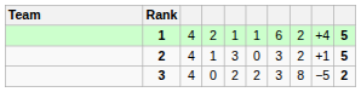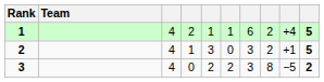 <table class="wikitable" style="text-align: center;">
 <tr>
+<th width=30>Rank</th>
 <th width=165 style="text-align:left;">Team</th>
-<th width=30>Rank</th>
 <th width=20></th>
 <th width=20></th>
 <th width=20></th>
 <th width=20></th>
 <th width=20></th>
 <th width=20></th>
 <th width=20></th>
 <th width=20></th>
 </tr>
 <tr style="background:#ccffcc;">
+<td><strong>1</strong></td>
 <td style="text-align:left;"></td>
-<td><strong>1</strong></td>
 <td>4</td>
 <td>2</td>
 <td>1</td>
 <td>1</td>
 <td>6</td>
 <td>2</td>
 <td>+4</td>
 <td><strong>5</strong></td>
 </tr>
 <tr>
+<td><strong>2</strong></td>
 <td style="text-align:left;"></td>
-<td><strong>2</strong></td>
 <td>4</td>
 <td>1</td>
 <td>3</td>
 <td>0</td>
 <td>3</td>
 <td>2</td>
 <td>+1</td>
 <td><strong>5</strong></td>
 </tr>
 <tr>
+<td><strong>3</strong></td>
 <td style="text-align:left;"></td>
-<td><strong>3</strong></td>
 <td>4</td>
 <td>0</td>
 <td>2</td>
 <td>2</td>
 <td>3</td>
 <td>8</td>
 <td>−5</td>
 <td><strong>2</strong></td>
 </tr>
 </table>
